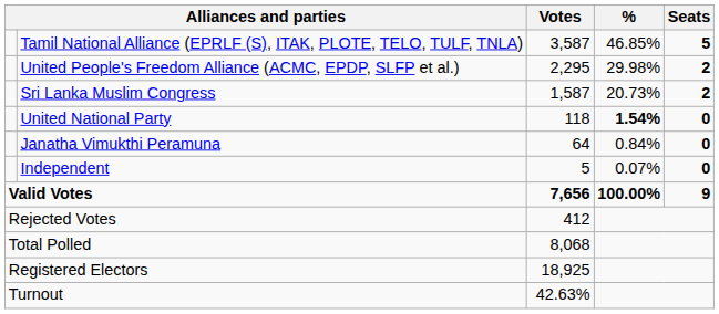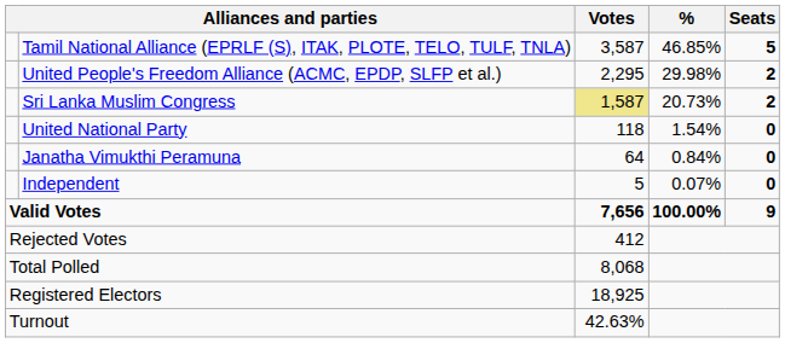 <table class="wikitable" border="1" style="text-align:right;">
 <tr>
 <th valign=bottom align=left colspan=2>Alliances and parties</th>
 <th valign=bottom align=center width="60">Votes</th>
 <th valign=bottom align=center width="50">%</th>
 <th valign=bottom align=center>Seats</th>
 </tr>
 <tr>
 <td bgcolor=> </td>
 <td align=left><a href='#'>Tamil National Alliance</a> (<a href='#'>EPRLF (S)</a>, <a href='#'>ITAK</a>, <a href='#'>PLOTE</a>, <a href='#'>TELO</a>, <a href='#'>TULF</a>, <a href='#'>TNLA</a>)</td>
 <td>3,587</td>
 <td>46.85%</td>
 <td><strong>5</strong></td>
 </tr>
 <tr>
 <td bgcolor=> </td>
 <td align=left><a href='#'>United People's Freedom Alliance</a> (<a href='#'>ACMC</a>, <a href='#'>EPDP</a>, <a href='#'>SLFP</a> et al.)</td>
 <td>2,295</td>
 <td>29.98%</td>
 <td><strong>2</strong></td>
 </tr>
 <tr>
 <td bgcolor=> </td>
 <td align=left><a href='#'>Sri Lanka Muslim Congress</a></td>
-<td>1,587</td>
+<td style="background: khaki;">1,587</td>
 <td>20.73%</td>
 <td><strong>2</strong></td>
 </tr>
 <tr>
 <td bgcolor=> </td>
 <td align=left><a href='#'>United National Party</a></td>
 <td>118</td>
-<td><strong>1.54%</strong></td>
+<td>1.54%</td>
 <td><strong>0</strong></td>
 </tr>
 <tr>
 <td bgcolor=> </td>
 <td align=left><a href='#'>Janatha Vimukthi Peramuna</a></td>
 <td>64</td>
 <td>0.84%</td>
 <td><strong>0</strong></td>
 </tr>
 <tr>
 <td></td>
 <td align=left><a href='#'>Independent</a></td>
 <td>5</td>
 <td>0.07%</td>
 <td><strong>0</strong></td>
 </tr>
 <tr>
 <td colspan=2 align=left><strong>Valid Votes</strong></td>
 <td><strong>7,656</strong></td>
 <td><strong>100.00%</strong></td>
 <td><strong>9</strong></td>
 </tr>
 <tr>
 <td colspan=2 align=left>Rejected Votes</td>
 <td>412</td>
 <td colspan=2></td>
 </tr>
 <tr>
 <td colspan=2 align=left>Total Polled</td>
 <td>8,068</td>
 <td colspan=2></td>
 </tr>
 <tr>
 <td colspan=2 align=left>Registered Electors</td>
 <td>18,925</td>
 <td colspan=2></td>
 </tr>
 <tr>
 <td colspan=2 align=left>Turnout</td>
 <td>42.63%</td>
 <td colspan=2></td>
 </tr>
 </table>
